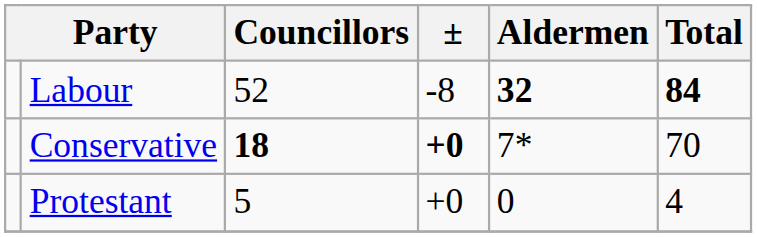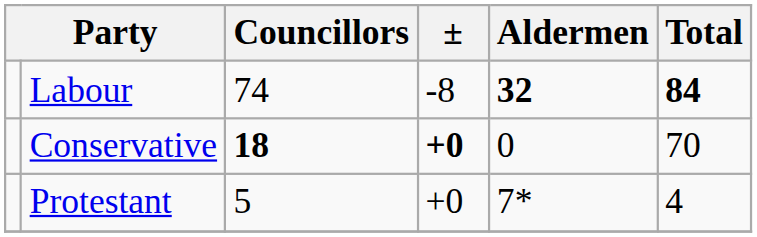 <table class="wikitable">
 <tr>
 <th colspan="2">Party</th>
 <th>Councillors</th>
 <th>  ±  </th>
 <th>Aldermen</th>
 <th>Total</th>
 </tr>
 <tr>
 <td style="background-color: "></td>
 <td><a href='#'>Labour</a></td>
-<td>52</td>
+<td>74</td>
 <td>-8</td>
 <td><strong>32</strong></td>
 <td><strong>84</strong></td>
 </tr>
 <tr>
 <td style="background-color: "></td>
 <td><a href='#'>Conservative</a></td>
 <td><strong>18</strong></td>
 <td><strong>+0</strong></td>
-<td>7*</td>
+<td>0</td>
 <td>70</td>
 </tr>
 <tr>
 <td style="background-color: "></td>
 <td><a href='#'>Protestant</a></td>
 <td>5</td>
 <td>+0</td>
-<td>0</td>
+<td>7*</td>
 <td>4</td>
 </tr>
 <tr>
 </tr>
 </table>
